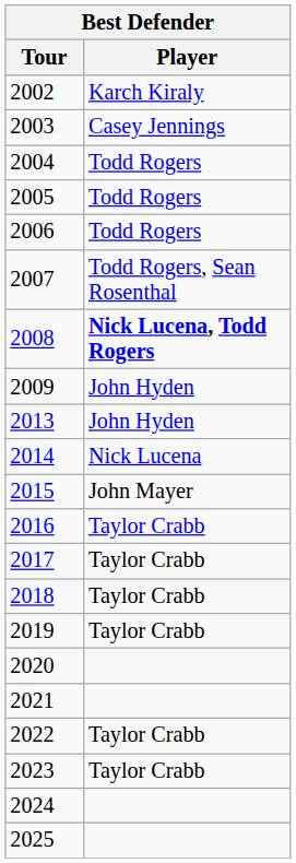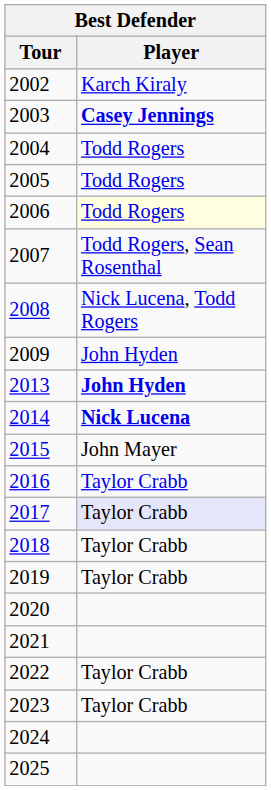 <table class="wikitable" style="margin:0.5em auto;width=480;font-size:100%">
 <tr>
 <th width=200 colspan=2>Best Defender</th>
 </tr>
 <tr>
 <th width=30>Tour</th>
 <th width=100>Player</th>
 </tr>
 <tr>
 <td>2002</td>
 <td><a href='#'>Karch Kiraly</a></td>
 </tr>
 <tr>
 <td>2003</td>
-<td><a href='#'>Casey Jennings</a></td>
+<td><strong><a href='#'>Casey Jennings</a></strong></td>
 </tr>
 <tr>
 <td>2004</td>
 <td><a href='#'>Todd Rogers</a></td>
 </tr>
 <tr>
 <td>2005</td>
 <td><a href='#'>Todd Rogers</a></td>
 </tr>
 <tr>
 <td>2006</td>
-<td><a href='#'>Todd Rogers</a></td>
+<td style="background: lightyellow;"><a href='#'>Todd Rogers</a></td>
 </tr>
 <tr>
 <td>2007</td>
 <td><a href='#'>Todd Rogers</a>, <a href='#'>Sean Rosenthal</a></td>
 </tr>
 <tr>
 <td><a href='#'>2008</a></td>
-<td><strong><a href='#'>Nick Lucena</a>, <a href='#'>Todd Rogers</a></strong></td>
+<td><a href='#'>Nick Lucena</a>, <a href='#'>Todd Rogers</a></td>
 </tr>
 <tr>
 <td>2009</td>
 <td><a href='#'>John Hyden</a></td>
 </tr>
 <tr>
 <td><a href='#'>2013</a></td>
-<td><a href='#'>John Hyden</a></td>
+<td><strong><a href='#'>John Hyden</a></strong></td>
 </tr>
 <tr>
 <td><a href='#'>2014</a></td>
-<td><a href='#'>Nick Lucena</a></td>
+<td><strong><a href='#'>Nick Lucena</a></strong></td>
 </tr>
 <tr>
 <td><a href='#'>2015</a></td>
 <td>John Mayer</td>
 </tr>
 <tr>
 <td><a href='#'>2016</a></td>
 <td><a href='#'>Taylor Crabb</a></td>
 </tr>
 <tr>
 <td><a href='#'>2017</a></td>
-<td>Taylor Crabb</td>
+<td style="background: lavender;">Taylor Crabb</td>
 </tr>
 <tr>
 <td><a href='#'>2018</a></td>
 <td>Taylor Crabb</td>
 </tr>
 <tr>
 <td 2019 AVP Pro Beach Volleyball Tour>2019</td>
 <td>Taylor Crabb</td>
 </tr>
 <tr>
 <td>2020</td>
 <td></td>
 </tr>
 <tr>
 <td>2021</td>
 <td></td>
 </tr>
 <tr>
 <td>2022</td>
 <td>Taylor Crabb</td>
 </tr>
 <tr>
 <td>2023</td>
 <td>Taylor Crabb</td>
 </tr>
 <tr>
 <td>2024</td>
 <td></td>
 </tr>
 <tr>
 <td>2025</td>
 <td></td>
 </tr>
 </table>
